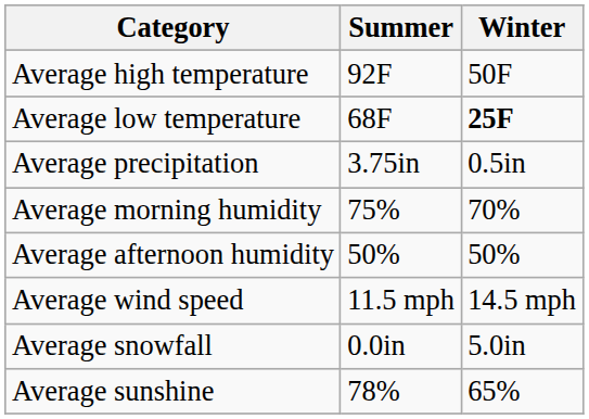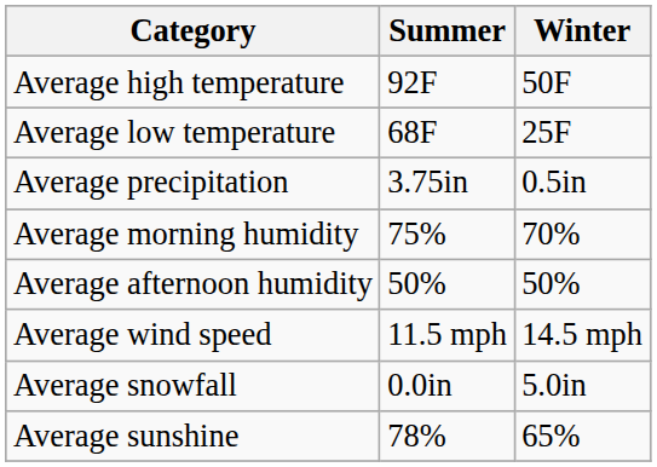 <table class="wikitable">
 <tr>
 <th>Category</th>
 <th>Summer</th>
 <th>Winter</th>
 </tr>
 <tr>
 <td>Average high temperature</td>
 <td>92F</td>
 <td>50F</td>
 </tr>
 <tr>
 <td>Average low temperature</td>
 <td>68F</td>
-<td><strong>25F</strong></td>
+<td>25F</td>
 </tr>
 <tr>
 <td>Average precipitation</td>
 <td>3.75in</td>
 <td>0.5in</td>
 </tr>
 <tr>
 <td>Average morning humidity</td>
 <td>75%</td>
 <td>70%</td>
 </tr>
 <tr>
 <td>Average afternoon humidity</td>
 <td>50%</td>
 <td>50%</td>
 </tr>
 <tr>
 <td>Average wind speed</td>
 <td>11.5 mph</td>
 <td>14.5 mph</td>
 </tr>
 <tr>
 <td>Average snowfall</td>
 <td>0.0in</td>
 <td>5.0in</td>
 </tr>
 <tr>
 <td>Average sunshine</td>
 <td>78%</td>
 <td>65%</td>
 </tr>
 </table>
